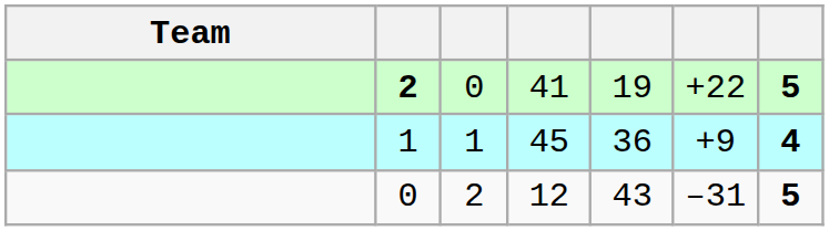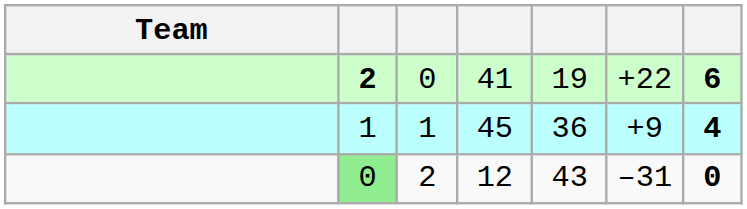 <table class="wikitable" style="text-align:center;">
 <tr>
 <th style="width:10.5em;">Team</th>
 <th style="width:1.5em;"></th>
 <th style="width:1.5em;"></th>
 <th style="width:2.0em;"></th>
 <th style="width:2.0em;"></th>
 <th style="width:2.0em;"></th>
 <th style="width:1.5em;"></th>
 </tr>
 <tr bgcolor=#cfc>
 <td align="left"></td>
 <td><strong>2</strong></td>
 <td>0</td>
 <td>41</td>
 <td>19</td>
 <td>+22</td>
-<td><strong>5</strong></td>
+<td><strong>6</strong></td>
 </tr>
 <tr bgcolor=#bff>
 <td align="left"></td>
 <td>1</td>
 <td>1</td>
 <td>45</td>
 <td>36</td>
 <td>+9</td>
 <td><strong>4</strong></td>
 </tr>
 <tr>
 <td align="left"></td>
-<td>0</td>
+<td style="background: lightgreen;">0</td>
 <td>2</td>
 <td>12</td>
 <td>43</td>
 <td>–31</td>
-<td><strong>5</strong></td>
+<td><strong>0</strong></td>
 </tr>
 </table>
